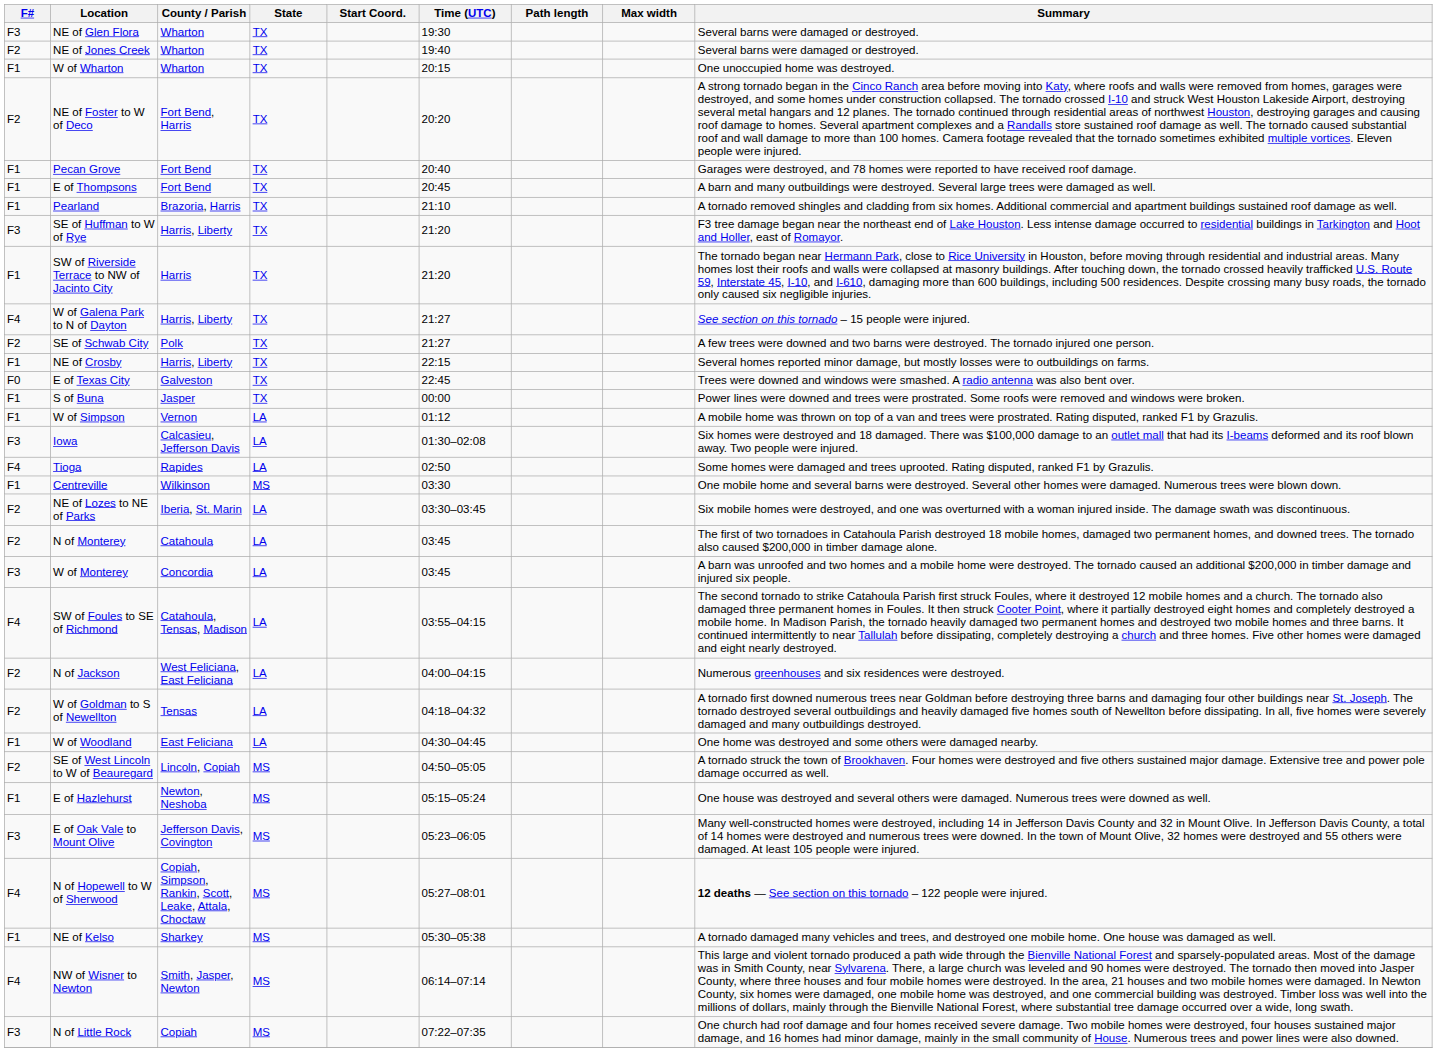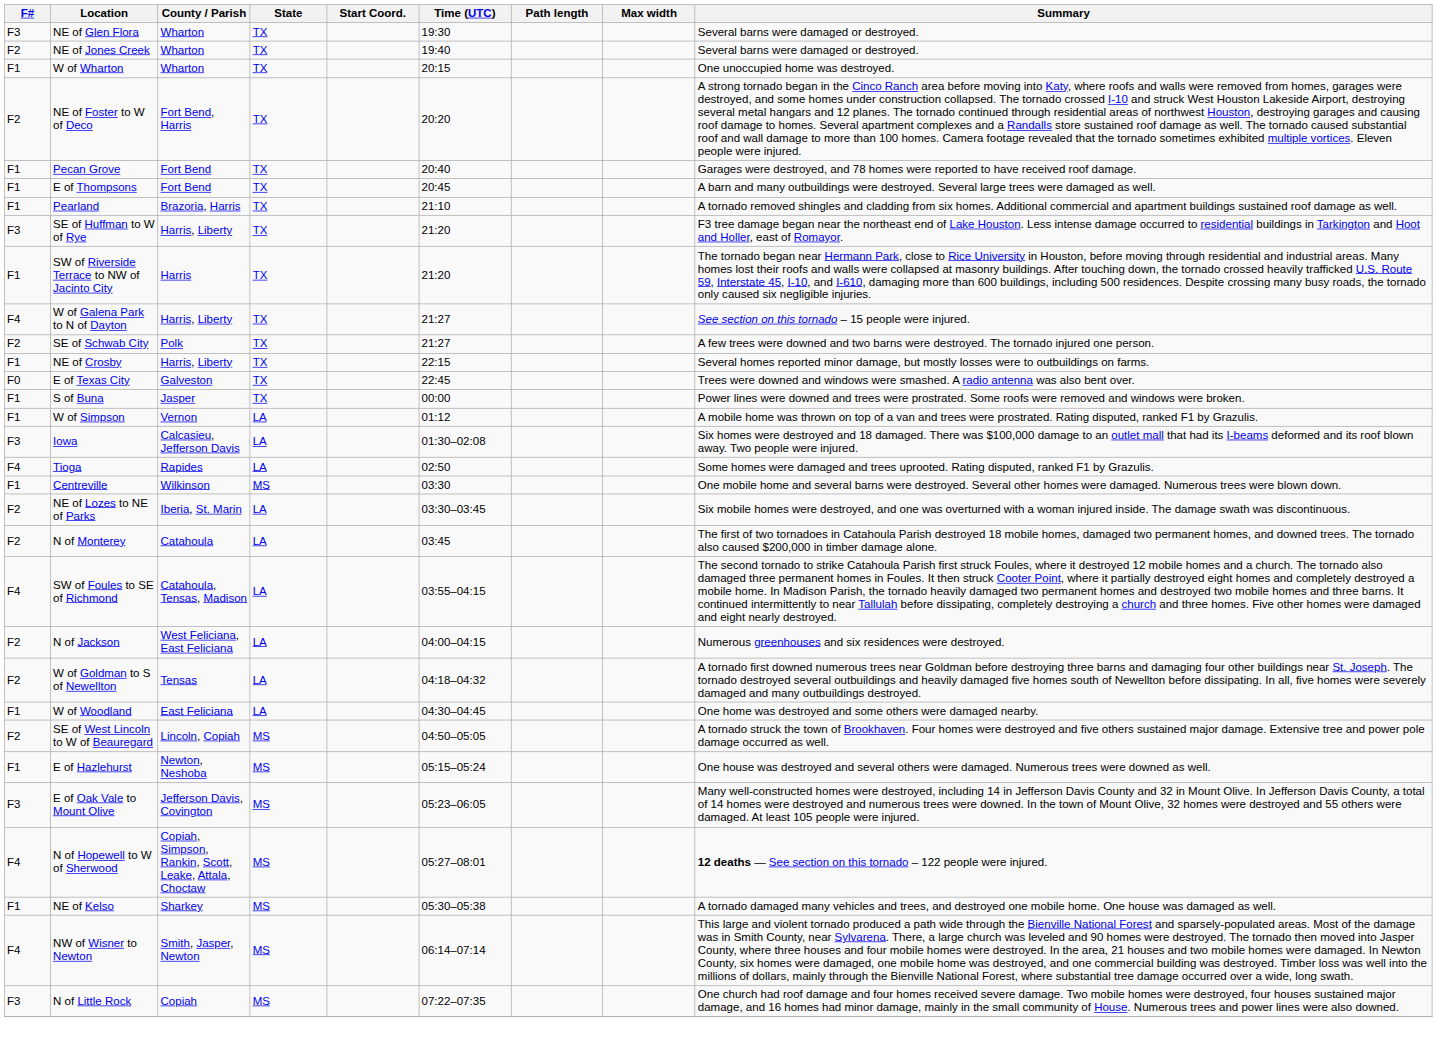 <table class="wikitable sortable" style="width:100%;">
 <tr>
 <th scope="col"  style="width:3%; text-align:center;"><a href='#'>F#</a></th>
 <th scope="col"  style="width:7%; text-align:center;" class="unsortable">Location</th>
 <th scope="col"  style="width:6%; text-align:center;" class="unsortable">County / Parish</th>
 <th scope="col"  style="width:5%; text-align:center;">State</th>
 <th scope="col"  style="width:6%; text-align:center;">Start Coord.</th>
 <th scope="col"  style="width:6%; text-align:center;">Time (<a href='#'>UTC</a>)</th>
 <th scope="col"  style="width:6%; text-align:center;">Path length</th>
 <th scope="col"  style="width:6%; text-align:center;">Max width</th>
 <th scope="col" class="unsortable" style="width:48%; text-align:center;">Summary</th>
 </tr>
 <tr>
 <td>F3</td>
 <td>NE of <a href='#'>Glen Flora</a></td>
 <td><a href='#'>Wharton</a></td>
 <td><a href='#'>TX</a></td>
 <td></td>
 <td>19:30</td>
 <td></td>
 <td></td>
 <td>Several barns were damaged or destroyed.</td>
 </tr>
 <tr>
 <td>F2</td>
 <td>NE of <a href='#'>Jones Creek</a></td>
 <td><a href='#'>Wharton</a></td>
 <td><a href='#'>TX</a></td>
 <td></td>
 <td>19:40</td>
 <td></td>
 <td></td>
 <td>Several barns were damaged or destroyed.</td>
 </tr>
 <tr>
 <td>F1</td>
 <td>W of <a href='#'>Wharton</a></td>
 <td><a href='#'>Wharton</a></td>
 <td><a href='#'>TX</a></td>
 <td></td>
 <td>20:15</td>
 <td></td>
 <td></td>
 <td>One unoccupied home was destroyed.</td>
 </tr>
 <tr>
 <td>F2</td>
 <td>NE of <a href='#'>Foster</a> to W of <a href='#'>Deco</a></td>
 <td><a href='#'>Fort Bend</a>, <a href='#'>Harris</a> </td>
 <td><a href='#'>TX</a></td>
 <td></td>
 <td>20:20</td>
 <td></td>
 <td></td>
 <td>A strong tornado began in the <a href='#'>Cinco Ranch</a> area before moving into <a href='#'>Katy</a>, where roofs and walls were removed from homes, garages were destroyed, and some homes under construction collapsed. The tornado crossed <a href='#'>I-10</a> and struck West Houston Lakeside Airport, destroying several metal hangars and 12 planes. The tornado continued through residential areas of northwest <a href='#'>Houston</a>, destroying garages and causing roof damage to homes. Several apartment complexes and a <a href='#'>Randalls</a> store sustained roof damage as well. The tornado caused substantial roof and wall damage to more than 100 homes. Camera footage revealed that the tornado sometimes exhibited <a href='#'>multiple vortices</a>. Eleven people were injured.</td>
 </tr>
 <tr>
 <td>F1</td>
 <td><a href='#'>Pecan Grove</a></td>
 <td><a href='#'>Fort Bend</a></td>
 <td><a href='#'>TX</a></td>
 <td></td>
 <td>20:40</td>
 <td></td>
 <td></td>
 <td>Garages were destroyed, and 78 homes were reported to have received roof damage.</td>
 </tr>
 <tr>
 <td>F1</td>
 <td>E of <a href='#'>Thompsons</a></td>
 <td><a href='#'>Fort Bend</a></td>
 <td><a href='#'>TX</a></td>
 <td></td>
 <td>20:45</td>
 <td></td>
 <td></td>
 <td>A barn and many outbuildings were destroyed. Several large trees were damaged as well.</td>
 </tr>
 <tr>
 <td>F1</td>
 <td><a href='#'>Pearland</a></td>
 <td><a href='#'>Brazoria</a>, <a href='#'>Harris</a></td>
 <td><a href='#'>TX</a></td>
 <td></td>
 <td>21:10</td>
 <td></td>
 <td></td>
 <td>A tornado removed shingles and cladding from six homes. Additional commercial and apartment buildings sustained roof damage as well.</td>
 </tr>
 <tr>
 <td>F3</td>
 <td>SE of <a href='#'>Huffman</a> to W of <a href='#'>Rye</a></td>
 <td><a href='#'>Harris</a>, <a href='#'>Liberty</a></td>
 <td><a href='#'>TX</a></td>
 <td></td>
 <td>21:20</td>
 <td></td>
 <td></td>
 <td>F3 tree damage began near the northeast end of <a href='#'>Lake Houston</a>. Less intense damage occurred to <a href='#'>residential</a> buildings in <a href='#'>Tarkington</a> and <a href='#'>Hoot and Holler</a>, east of <a href='#'>Romayor</a>.</td>
 </tr>
 <tr>
 <td>F1</td>
 <td>SW of <a href='#'>Riverside Terrace</a> to NW of <a href='#'>Jacinto City</a></td>
 <td><a href='#'>Harris</a></td>
 <td><a href='#'>TX</a></td>
 <td></td>
 <td>21:20</td>
 <td></td>
 <td></td>
 <td>The tornado began near <a href='#'>Hermann Park</a>, close to <a href='#'>Rice University</a> in Houston, before moving through residential and industrial areas. Many homes lost their roofs and walls were collapsed at masonry buildings. After touching down, the tornado crossed heavily trafficked <a href='#'>U.S. Route 59</a>, <a href='#'>Interstate 45</a>, <a href='#'>I-10</a>, and <a href='#'>I-610</a>, damaging more than 600 buildings, including 500 residences. Despite crossing many busy roads, the tornado only caused six negligible injuries.</td>
 </tr>
 <tr>
 <td>F4</td>
 <td>W of <a href='#'>Galena Park</a> to N of <a href='#'>Dayton</a></td>
 <td><a href='#'>Harris</a>, <a href='#'>Liberty</a></td>
 <td><a href='#'>TX</a></td>
 <td></td>
 <td>21:27</td>
 <td></td>
 <td></td>
 <td><em><a href='#'>See section on this tornado</a></em> – 15 people were injured.</td>
 </tr>
 <tr>
 <td>F2</td>
 <td>SE of <a href='#'>Schwab City</a></td>
 <td><a href='#'>Polk</a></td>
 <td><a href='#'>TX</a></td>
 <td></td>
 <td>21:27</td>
 <td></td>
 <td></td>
 <td>A few trees were downed and two barns were destroyed. The tornado injured one person.</td>
 </tr>
 <tr>
 <td>F1</td>
 <td>NE of <a href='#'>Crosby</a></td>
 <td><a href='#'>Harris</a>, <a href='#'>Liberty</a></td>
 <td><a href='#'>TX</a></td>
 <td></td>
 <td>22:15</td>
 <td></td>
 <td></td>
 <td>Several homes reported minor damage, but mostly losses were to outbuildings on farms.</td>
 </tr>
 <tr>
 <td>F0</td>
 <td>E of <a href='#'>Texas City</a></td>
 <td><a href='#'>Galveston</a></td>
 <td><a href='#'>TX</a></td>
 <td></td>
 <td>22:45</td>
 <td></td>
 <td></td>
 <td>Trees were downed and windows were smashed. A <a href='#'>radio antenna</a> was also bent over.</td>
 </tr>
 <tr>
 <td>F1</td>
 <td>S of <a href='#'>Buna</a></td>
 <td><a href='#'>Jasper</a></td>
 <td><a href='#'>TX</a></td>
 <td></td>
 <td>00:00</td>
 <td></td>
 <td></td>
 <td>Power lines were downed and trees were prostrated. Some roofs were removed and windows were broken.</td>
 </tr>
 <tr>
 <td>F1</td>
 <td>W of <a href='#'>Simpson</a></td>
 <td><a href='#'>Vernon</a></td>
 <td><a href='#'>LA</a></td>
 <td></td>
 <td>01:12</td>
 <td></td>
 <td></td>
 <td>A mobile home was thrown on top of a van and trees were prostrated. Rating disputed, ranked F1 by Grazulis.</td>
 </tr>
 <tr>
 <td>F3</td>
 <td><a href='#'>Iowa</a></td>
 <td><a href='#'>Calcasieu</a>, <a href='#'>Jefferson Davis</a></td>
 <td><a href='#'>LA</a></td>
 <td></td>
 <td>01:30–02:08</td>
 <td></td>
 <td></td>
 <td>Six homes were destroyed and 18 damaged. There was $100,000 damage to an <a href='#'>outlet mall</a> that had its <a href='#'>I-beams</a> deformed and its roof blown away. Two people were injured.</td>
 </tr>
 <tr>
 <td>F4</td>
 <td><a href='#'>Tioga</a></td>
 <td><a href='#'>Rapides</a></td>
 <td><a href='#'>LA</a></td>
 <td></td>
 <td>02:50</td>
 <td></td>
 <td></td>
 <td>Some homes were damaged and trees uprooted. Rating disputed, ranked F1 by Grazulis.</td>
 </tr>
 <tr>
 <td>F1</td>
 <td><a href='#'>Centreville</a></td>
 <td><a href='#'>Wilkinson</a></td>
 <td><a href='#'>MS</a></td>
 <td></td>
 <td>03:30</td>
 <td></td>
 <td></td>
 <td>One mobile home and several barns were destroyed. Several other homes were damaged. Numerous trees were blown down.</td>
 </tr>
 <tr>
 <td>F2</td>
 <td>NE of <a href='#'>Lozes</a> to NE of <a href='#'>Parks</a></td>
 <td><a href='#'>Iberia</a>, <a href='#'>St. Marin</a></td>
 <td><a href='#'>LA</a></td>
 <td></td>
 <td>03:30–03:45</td>
 <td></td>
 <td></td>
 <td>Six mobile homes were destroyed, and one was overturned with a woman injured inside. The damage swath was discontinuous.</td>
 </tr>
 <tr>
 <td>F2</td>
 <td>N of <a href='#'>Monterey</a></td>
 <td><a href='#'>Catahoula</a></td>
 <td><a href='#'>LA</a></td>
 <td></td>
 <td>03:45</td>
 <td></td>
 <td></td>
 <td>The first of two tornadoes in Catahoula Parish destroyed 18 mobile homes, damaged two permanent homes, and downed trees. The tornado also caused $200,000 in timber damage alone.</td>
 </tr>
 <tr>
-<td>F3</td>
-<td>W of <a href='#'>Monterey</a></td>
-<td><a href='#'>Concordia</a></td>
-<td><a href='#'>LA</a></td>
-<td></td>
-<td>03:45</td>
-<td></td>
-<td></td>
-<td>A barn was unroofed and two homes and a mobile home were destroyed. The tornado caused an additional $200,000 in timber damage and injured six people.</td>
-</tr>
-<tr>
 <td>F4</td>
 <td>SW of <a href='#'>Foules</a> to SE of <a href='#'>Richmond</a></td>
 <td><a href='#'>Catahoula</a>, <a href='#'>Tensas</a>, <a href='#'>Madison</a></td>
 <td><a href='#'>LA</a></td>
 <td></td>
 <td>03:55–04:15</td>
 <td></td>
 <td></td>
 <td>The second tornado to strike Catahoula Parish first struck Foules, where it destroyed 12 mobile homes and a church. The tornado also damaged three permanent homes in Foules. It then struck <a href='#'>Cooter Point</a>, where it partially destroyed eight homes and completely destroyed a mobile home. In Madison Parish, the tornado heavily damaged two permanent homes and destroyed two mobile homes and three barns. It continued intermittently to near <a href='#'>Tallulah</a> before dissipating, completely destroying a <a href='#'>church</a> and three homes. Five other homes were damaged and eight nearly destroyed.</td>
 </tr>
 <tr>
 <td>F2</td>
 <td>N of <a href='#'>Jackson</a></td>
 <td><a href='#'>West Feliciana</a>, <a href='#'>East Feliciana</a></td>
 <td><a href='#'>LA</a></td>
 <td></td>
 <td>04:00–04:15</td>
 <td></td>
 <td></td>
 <td>Numerous <a href='#'>greenhouses</a> and six residences were destroyed.</td>
 </tr>
 <tr>
 <td>F2</td>
 <td>W of <a href='#'>Goldman</a> to S of <a href='#'>Newellton</a></td>
 <td><a href='#'>Tensas</a></td>
 <td><a href='#'>LA</a></td>
 <td></td>
 <td>04:18–04:32</td>
 <td></td>
 <td></td>
 <td>A tornado first downed numerous trees near Goldman before destroying three barns and damaging four other buildings near <a href='#'>St. Joseph</a>. The tornado destroyed several outbuildings and heavily damaged five homes south of Newellton before dissipating. In all, five homes were severely damaged and many outbuildings destroyed.</td>
 </tr>
 <tr>
 <td>F1</td>
 <td>W of <a href='#'>Woodland</a></td>
 <td><a href='#'>East Feliciana</a></td>
 <td><a href='#'>LA</a></td>
 <td></td>
 <td>04:30–04:45</td>
 <td></td>
 <td></td>
 <td>One home was destroyed and some others were damaged nearby.</td>
 </tr>
 <tr>
 <td>F2</td>
 <td>SE of <a href='#'>West Lincoln</a> to W of <a href='#'>Beauregard</a></td>
 <td><a href='#'>Lincoln</a>, <a href='#'>Copiah</a></td>
 <td><a href='#'>MS</a></td>
 <td></td>
 <td>04:50–05:05</td>
 <td></td>
 <td></td>
 <td>A tornado struck the town of <a href='#'>Brookhaven</a>. Four homes were destroyed and five others sustained major damage. Extensive tree and power pole damage occurred as well.</td>
 </tr>
 <tr>
 <td>F1</td>
 <td>E of <a href='#'>Hazlehurst</a></td>
 <td><a href='#'>Newton</a>, <a href='#'>Neshoba</a></td>
 <td><a href='#'>MS</a></td>
 <td></td>
 <td>05:15–05:24</td>
 <td></td>
 <td></td>
 <td>One house was destroyed and several others were damaged. Numerous trees were downed as well.</td>
 </tr>
 <tr>
 <td>F3</td>
 <td>E of <a href='#'>Oak Vale</a> to <a href='#'>Mount Olive</a></td>
 <td><a href='#'>Jefferson Davis</a>, <a href='#'>Covington</a></td>
 <td><a href='#'>MS</a></td>
 <td></td>
 <td>05:23–06:05</td>
 <td></td>
 <td></td>
 <td>Many well-constructed homes were destroyed, including 14 in Jefferson Davis County and 32 in Mount Olive. In Jefferson Davis County, a total of 14 homes were destroyed and numerous trees were downed. In the town of Mount Olive, 32 homes were destroyed and 55 others were damaged. At least 105 people were injured.</td>
 </tr>
 <tr>
 <td>F4</td>
 <td>N of <a href='#'>Hopewell</a> to W of <a href='#'>Sherwood</a></td>
 <td><a href='#'>Copiah</a>, <a href='#'>Simpson</a>, <a href='#'>Rankin</a>, <a href='#'>Scott</a>, <a href='#'>Leake</a>, <a href='#'>Attala</a>, <a href='#'>Choctaw</a></td>
 <td><a href='#'>MS</a></td>
 <td></td>
 <td>05:27–08:01</td>
 <td></td>
 <td></td>
 <td><strong>12 deaths</strong> — <a href='#'>See section on this tornado</a> – 122 people were injured.</td>
 </tr>
 <tr>
 <td>F1</td>
 <td>NE of <a href='#'>Kelso</a></td>
 <td><a href='#'>Sharkey</a></td>
 <td><a href='#'>MS</a></td>
 <td></td>
 <td>05:30–05:38</td>
 <td></td>
 <td></td>
 <td>A tornado damaged many vehicles and trees, and destroyed one mobile home. One house was damaged as well.</td>
 </tr>
 <tr>
 <td>F4</td>
 <td>NW of <a href='#'>Wisner</a> to <a href='#'>Newton</a></td>
 <td><a href='#'>Smith</a>, <a href='#'>Jasper</a>, <a href='#'>Newton</a></td>
 <td><a href='#'>MS</a></td>
 <td></td>
 <td>06:14–07:14</td>
 <td></td>
 <td></td>
 <td>This large and violent tornado produced a path  wide through the <a href='#'>Bienville National Forest</a> and sparsely-populated areas. Most of the damage was in Smith County, near <a href='#'>Sylvarena</a>. There, a large church was leveled and 90 homes were destroyed. The tornado then moved into Jasper County, where three houses and four mobile homes were destroyed. In the area, 21 houses and two mobile homes were damaged. In Newton County, six homes were damaged, one mobile home was destroyed, and one commercial building was destroyed. Timber loss was well into the millions of dollars, mainly through the Bienville National Forest, where substantial tree damage occurred over a wide, long swath.</td>
 </tr>
 <tr>
 <td>F3</td>
 <td>N of <a href='#'>Little Rock</a></td>
 <td><a href='#'>Copiah</a></td>
 <td><a href='#'>MS</a></td>
 <td></td>
 <td>07:22–07:35</td>
 <td></td>
 <td></td>
 <td>One church had roof damage and four homes received severe damage. Two mobile homes were destroyed, four houses sustained major damage, and 16 homes had minor damage, mainly in the small community of <a href='#'>House</a>. Numerous trees and power lines were also downed.</td>
 </tr>
 <tr>
 </tr>
 </table>
